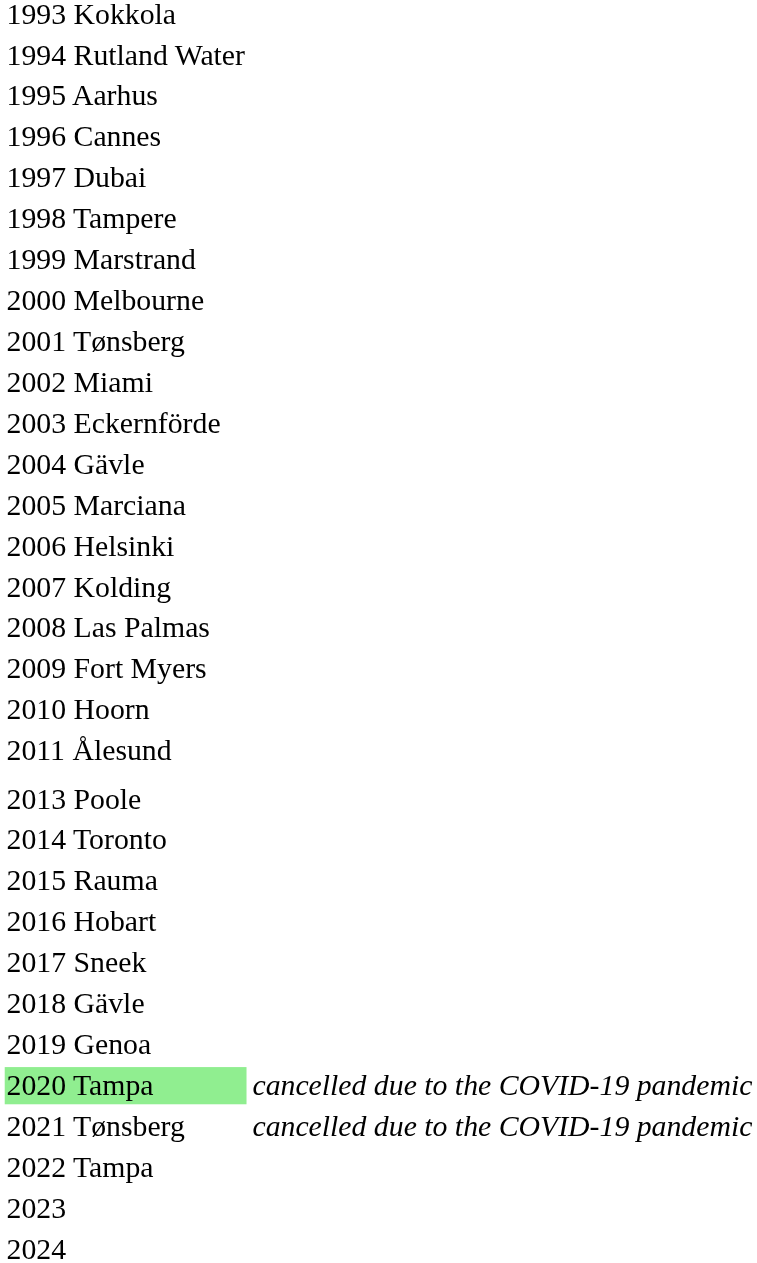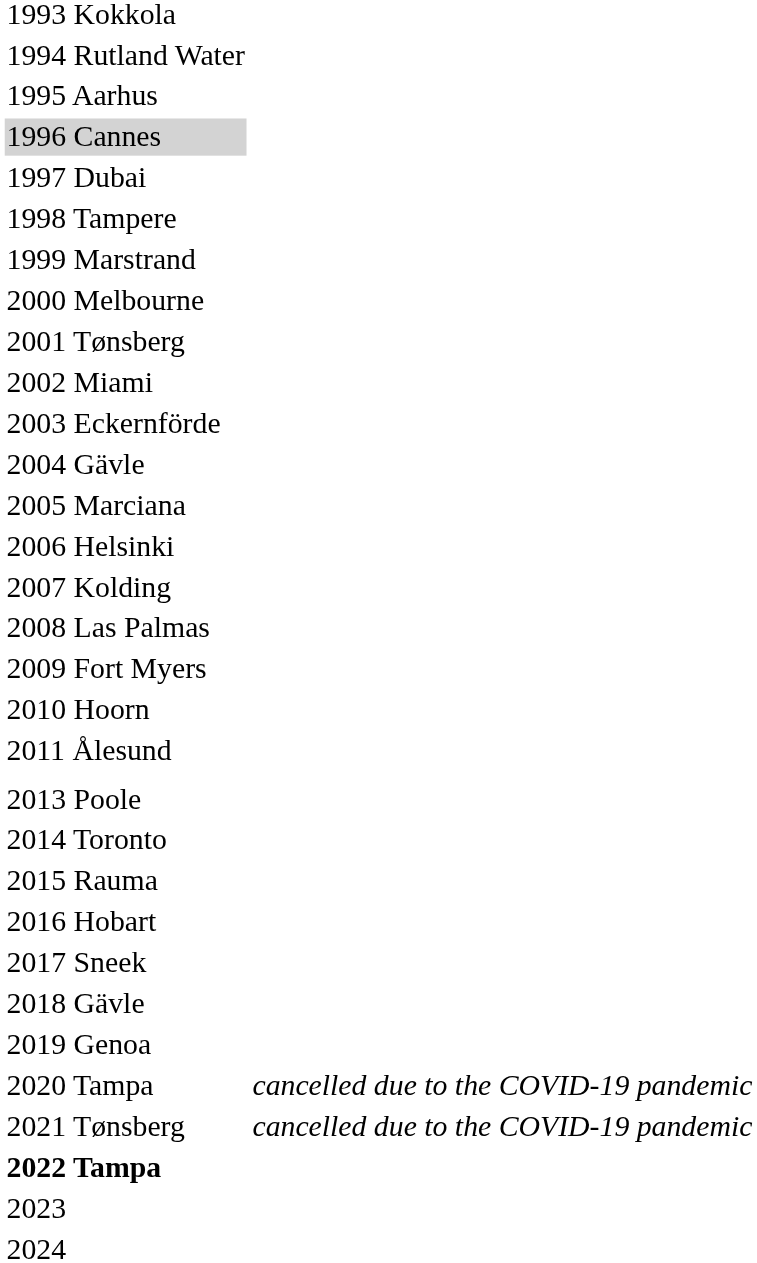 <table>
 <tr>
 <td>1993 Kokkola</td>
 <td></td>
 <td></td>
 <td></td>
 <td></td>
 </tr>
 <tr>
 <td>1994 Rutland Water</td>
 <td></td>
 <td></td>
 <td></td>
 <td></td>
 </tr>
 <tr>
 <td>1995 Aarhus</td>
 <td></td>
 <td></td>
 <td></td>
 <td></td>
 </tr>
 <tr>
-<td>1996 Cannes</td>
+<td style="background: lightgrey;">1996 Cannes</td>
 <td></td>
 <td></td>
 <td></td>
 <td></td>
 </tr>
 <tr>
 <td>1997 Dubai</td>
 <td></td>
 <td></td>
 <td></td>
 <td></td>
 </tr>
 <tr>
 <td>1998 Tampere</td>
 <td></td>
 <td></td>
 <td></td>
 <td></td>
 </tr>
 <tr>
 <td>1999 Marstrand</td>
 <td></td>
 <td></td>
 <td></td>
 <td></td>
 </tr>
 <tr>
 <td>2000 Melbourne</td>
 <td></td>
 <td></td>
 <td></td>
 <td></td>
 </tr>
 <tr>
 <td>2001 Tønsberg</td>
 <td></td>
 <td></td>
 <td></td>
 <td></td>
 </tr>
 <tr>
 <td>2002 Miami</td>
 <td></td>
 <td></td>
 <td></td>
 <td></td>
 </tr>
 <tr>
 <td>2003 Eckernförde</td>
 <td></td>
 <td></td>
 <td></td>
 <td></td>
 </tr>
 <tr>
 <td>2004 Gävle</td>
 <td></td>
 <td></td>
 <td></td>
 <td></td>
 </tr>
 <tr>
 <td>2005 Marciana</td>
 <td></td>
 <td></td>
 <td></td>
 <td></td>
 </tr>
 <tr>
 <td>2006 Helsinki</td>
 <td></td>
 <td></td>
 <td></td>
 <td></td>
 </tr>
 <tr>
 <td>2007 Kolding</td>
 <td></td>
 <td></td>
 <td></td>
 <td></td>
 </tr>
 <tr>
 <td>2008 Las Palmas</td>
 <td></td>
 <td></td>
 <td></td>
 <td></td>
 </tr>
 <tr>
 <td>2009 Fort Myers</td>
 <td></td>
 <td></td>
 <td></td>
 <td></td>
 </tr>
 <tr>
 <td>2010 Hoorn</td>
 <td></td>
 <td></td>
 <td></td>
 <td></td>
 </tr>
 <tr>
 <td>2011 Ålesund</td>
 <td></td>
 <td></td>
 <td></td>
 <td></td>
 </tr>
 <tr>
 <td></td>
 <td></td>
 <td></td>
 <td></td>
 <td></td>
 </tr>
 <tr>
 <td>2013 Poole</td>
 <td></td>
 <td></td>
 <td></td>
 <td></td>
 </tr>
 <tr>
 <td>2014 Toronto</td>
 <td></td>
 <td></td>
 <td></td>
 <td></td>
 </tr>
 <tr>
 <td>2015 Rauma</td>
 <td></td>
 <td></td>
 <td></td>
 <td></td>
 </tr>
 <tr>
 <td>2016 Hobart</td>
 <td></td>
 <td></td>
 <td></td>
 <td></td>
 </tr>
 <tr>
 <td>2017 Sneek</td>
 <td></td>
 <td></td>
 <td></td>
 <td></td>
 </tr>
 <tr>
 <td>2018 Gävle</td>
 <td></td>
 <td></td>
 <td></td>
 <td></td>
 </tr>
 <tr>
 <td>2019 Genoa</td>
 <td></td>
 <td></td>
 <td></td>
 <td></td>
 </tr>
 <tr>
-<td style="background: lightgreen;">2020 Tampa</td>
+<td>2020 Tampa</td>
 <td colspan=3 style="text-align:center"><em>cancelled due to the COVID-19 pandemic</em></td>
 <td></td>
 </tr>
 <tr>
 <td>2021 Tønsberg</td>
 <td colspan=3 style="text-align:center"><em>cancelled due to the COVID-19 pandemic</em></td>
 <td></td>
 </tr>
 <tr>
-<td>2022 Tampa</td>
+<td><strong>2022 Tampa</strong></td>
 <td></td>
 <td></td>
 <td></td>
 <td></td>
 </tr>
 <tr>
 <td>2023</td>
 <td></td>
 <td></td>
 <td></td>
 <td></td>
 </tr>
 <tr>
 <td>2024</td>
 <td></td>
 <td></td>
 <td></td>
 <td></td>
 </tr>
 </table>
